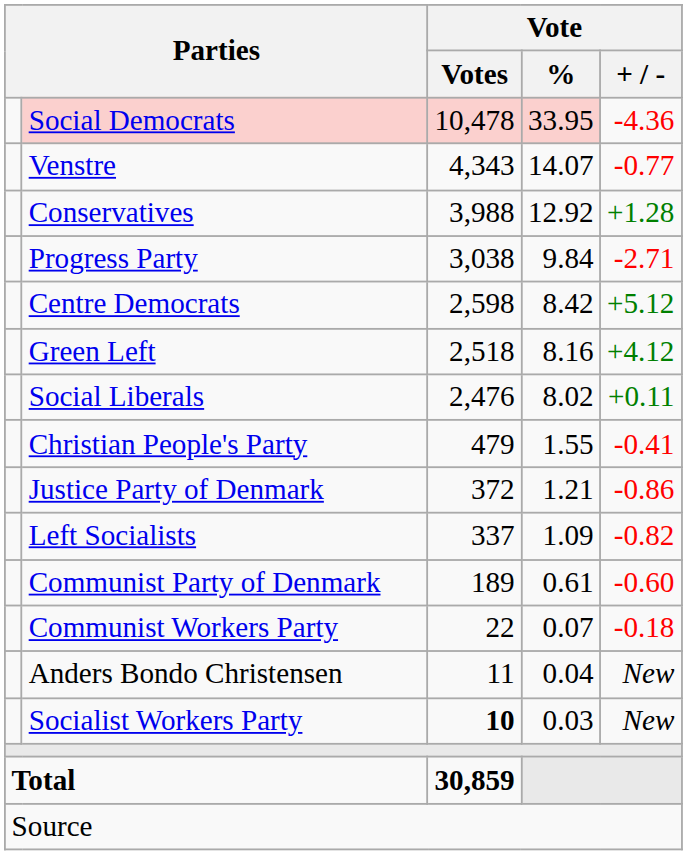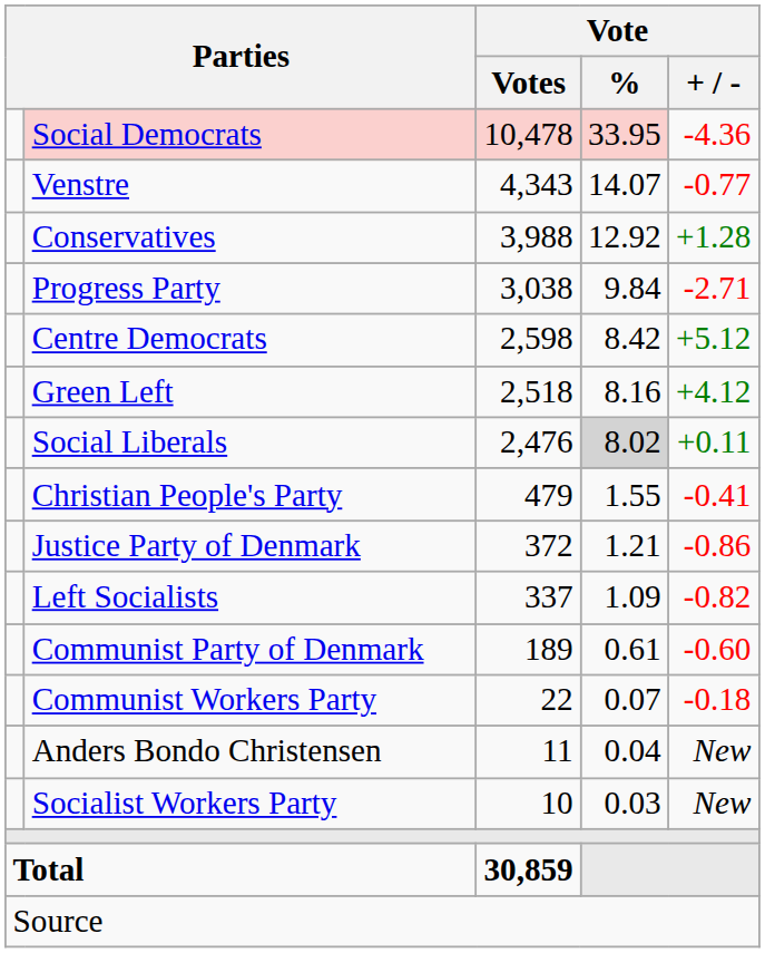 <table class="wikitable" style="text-align:right;">
 <tr>
 <th style="text-align:centre;" rowspan="2" colspan="2" width="225">Parties</th>
 <th colspan="3">Vote</th>
 </tr>
 <tr>
 <th width="15">Votes</th>
 <th width="15">%</th>
 <th width="15">+ / -</th>
 </tr>
 <tr>
 <td width="2" style="color:inherit;background:"></td>
 <td bgcolor=#fbd0ce  align="left"><a href='#'>Social Democrats</a></td>
 <td bgcolor=#fbd0ce>10,478</td>
 <td bgcolor=#fbd0ce>33.95</td>
 <td style=color:red;>-4.36</td>
 </tr>
 <tr>
 <td width="2" style="color:inherit;background:"></td>
 <td align="left"><a href='#'>Venstre</a></td>
 <td>4,343</td>
 <td>14.07</td>
 <td style=color:red;>-0.77</td>
 </tr>
 <tr>
 <td width="2" style="color:inherit;background:"></td>
 <td align="left"><a href='#'>Conservatives</a></td>
 <td>3,988</td>
 <td>12.92</td>
 <td style=color:green;>+1.28</td>
 </tr>
 <tr>
 <td width="2" style="color:inherit;background:"></td>
 <td align="left"><a href='#'>Progress Party</a></td>
 <td>3,038</td>
 <td>9.84</td>
 <td style=color:red;>-2.71</td>
 </tr>
 <tr>
 <td width="2" style="color:inherit;background:"></td>
 <td align="left"><a href='#'>Centre Democrats</a></td>
 <td>2,598</td>
 <td>8.42</td>
 <td style=color:green;>+5.12</td>
 </tr>
 <tr>
 <td width="2" style="color:inherit;background:"></td>
 <td align="left"><a href='#'>Green Left</a></td>
 <td>2,518</td>
 <td>8.16</td>
 <td style=color:green;>+4.12</td>
 </tr>
 <tr>
 <td width="2" style="color:inherit;background:"></td>
 <td align="left"><a href='#'>Social Liberals</a></td>
 <td>2,476</td>
-<td>8.02</td>
+<td style="background: lightgrey;">8.02</td>
 <td style=color:green;>+0.11</td>
 </tr>
 <tr>
 <td width="2" style="color:inherit;background:"></td>
 <td align="left"><a href='#'>Christian People's Party</a></td>
 <td>479</td>
 <td>1.55</td>
 <td style=color:red;>-0.41</td>
 </tr>
 <tr>
 <td width="2" style="color:inherit;background:"></td>
 <td align="left"><a href='#'>Justice Party of Denmark</a></td>
 <td>372</td>
 <td>1.21</td>
 <td style=color:red;>-0.86</td>
 </tr>
 <tr>
 <td width="2" style="color:inherit;background:"></td>
 <td align="left"><a href='#'>Left Socialists</a></td>
 <td>337</td>
 <td>1.09</td>
 <td style=color:red;>-0.82</td>
 </tr>
 <tr>
 <td width="2" style="color:inherit;background:"></td>
 <td align="left"><a href='#'>Communist Party of Denmark</a></td>
 <td>189</td>
 <td>0.61</td>
 <td style=color:red;>-0.60</td>
 </tr>
 <tr>
 <td width="2" style="color:inherit;background:"></td>
 <td align="left"><a href='#'>Communist Workers Party</a></td>
 <td>22</td>
 <td>0.07</td>
 <td style=color:red;>-0.18</td>
 </tr>
 <tr>
 <td width="2" style="color:inherit;background:"></td>
 <td align="left">Anders Bondo Christensen</td>
 <td>11</td>
 <td>0.04</td>
 <td><em>New</em></td>
 </tr>
 <tr>
 <td width="2" style="color:inherit;background:"></td>
 <td align="left"><a href='#'>Socialist Workers Party</a></td>
-<td><strong>10</strong></td>
+<td>10</td>
 <td>0.03</td>
 <td><em>New</em></td>
 </tr>
 <tr>
 <td colspan="7" bgcolor="#E9E9E9"></td>
 </tr>
 <tr>
 <td align="left" colspan="2"><strong>Total</strong></td>
 <td><strong>30,859</strong></td>
 <td bgcolor="#E9E9E9" colspan="2"></td>
 </tr>
 <tr>
 <td align="left" colspan="6">Source</td>
 </tr>
 </table>
